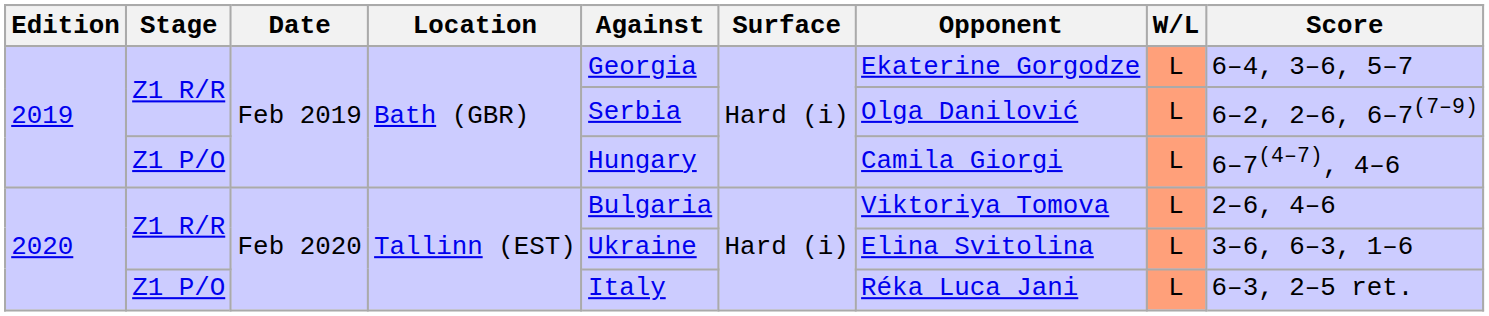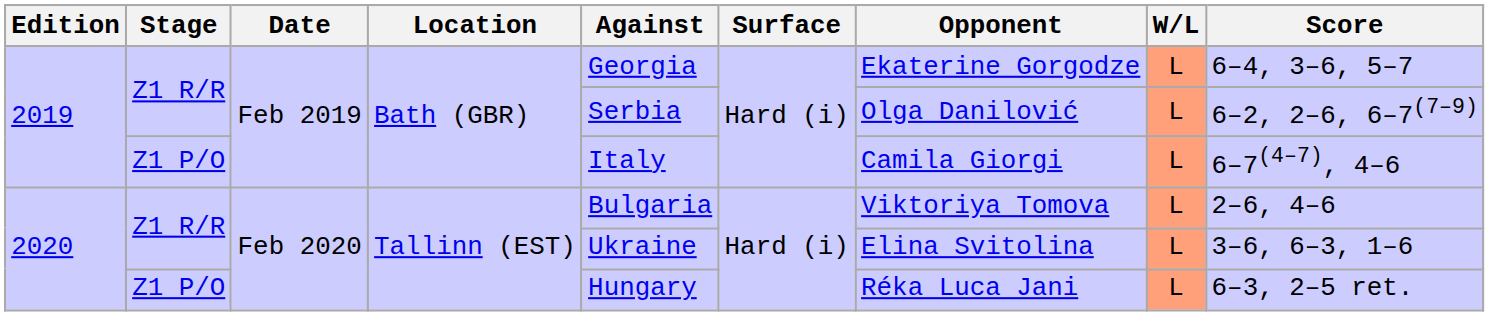 <table class=wikitable style=font-size:97%>
 <tr>
 <th>Edition</th>
 <th>Stage</th>
 <th>Date</th>
 <th>Location</th>
 <th>Against</th>
 <th>Surface</th>
 <th>Opponent</th>
 <th>W/L</th>
 <th>Score</th>
 </tr>
 <tr style="background:#ccf;">
 <td rowspan="3"><a href='#'>2019</a></td>
 <td rowspan="2"><a href='#'>Z1 R/R</a></td>
 <td rowspan="3">Feb 2019</td>
 <td rowspan="3"><a href='#'>Bath</a> (GBR)</td>
 <td> <a href='#'>Georgia</a></td>
 <td rowspan="3">Hard (i)</td>
 <td><a href='#'>Ekaterine Gorgodze</a></td>
 <td style="text-align:center; background:#ffa07a;">L</td>
 <td>6–4, 3–6, 5–7</td>
 </tr>
 <tr style="background:#ccf;">
 <td> <a href='#'>Serbia</a></td>
 <td><a href='#'>Olga Danilović</a></td>
 <td style="text-align:center; background:#ffa07a;">L</td>
 <td>6–2, 2–6, 6–7<sup>(7–9)</sup></td>
 </tr>
 <tr style="background:#ccf;">
 <td><a href='#'>Z1 P/O</a></td>
-<td> <a href='#'>Hungary</a></td>
+<td> <a href='#'>Italy</a></td>
 <td><a href='#'>Camila Giorgi</a></td>
 <td style="text-align:center; background:#ffa07a;">L</td>
 <td>6–7<sup>(4–7)</sup>, 4–6</td>
 </tr>
 <tr style="background:#ccf;">
 <td rowspan="3"><a href='#'>2020</a></td>
 <td rowspan="2"><a href='#'>Z1 R/R</a></td>
 <td rowspan="3">Feb 2020</td>
 <td rowspan="3"><a href='#'>Tallinn</a> (EST)</td>
 <td> <a href='#'>Bulgaria</a></td>
 <td rowspan="3">Hard (i)</td>
 <td><a href='#'>Viktoriya Tomova</a></td>
 <td style="text-align:center; background:#ffa07a;">L</td>
 <td>2–6, 4–6</td>
 </tr>
 <tr style="background:#ccf;">
 <td> <a href='#'>Ukraine</a></td>
 <td><a href='#'>Elina Svitolina</a></td>
 <td style="text-align:center; background:#ffa07a;">L</td>
 <td>3–6, 6–3, 1–6</td>
 </tr>
 <tr style="background:#ccf;">
 <td><a href='#'>Z1 P/O</a></td>
-<td> <a href='#'>Italy</a></td>
+<td> <a href='#'>Hungary</a></td>
 <td><a href='#'>Réka Luca Jani</a></td>
 <td style="text-align:center; background:#ffa07a;">L</td>
 <td>6–3, 2–5 ret.</td>
 </tr>
 </table>
